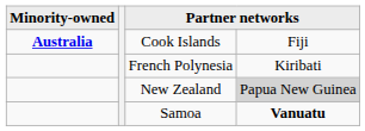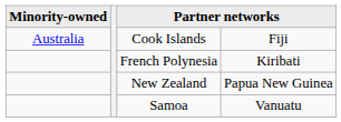 <table class="wikitable" style="float:right; margin-left:1em; text-align: center;">
 <tr>
 <th style="background:#ececec;">Minority-owned</th>
 <th rowspan=6></th>
 <th style="background:#ececec;" colspan="2">Partner networks</th>
 </tr>
 <tr>
-<td><strong><a href='#'>Australia</a></strong></td>
+<td><a href='#'>Australia</a></td>
 <td>Cook Islands</td>
 <td>Fiji</td>
 </tr>
 <tr>
 <td></td>
 <td>French Polynesia</td>
 <td>Kiribati</td>
 </tr>
 <tr>
 <td></td>
 <td>New Zealand</td>
-<td style="background: lightgrey;">Papua New Guinea</td>
+<td>Papua New Guinea</td>
 </tr>
 <tr>
 <td></td>
 <td>Samoa</td>
-<td><strong>Vanuatu</strong></td>
+<td>Vanuatu</td>
 </tr>
 </table>
